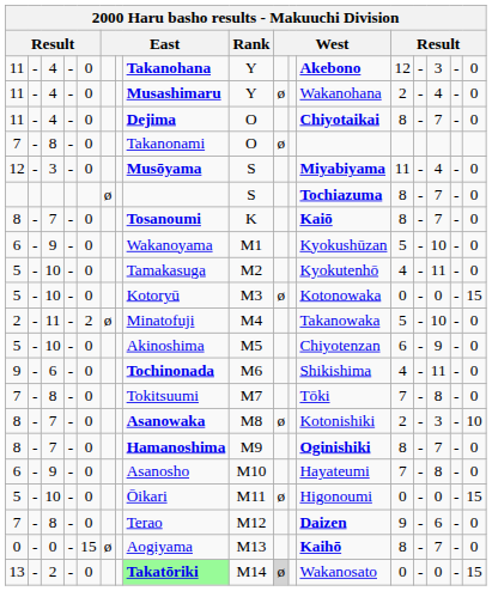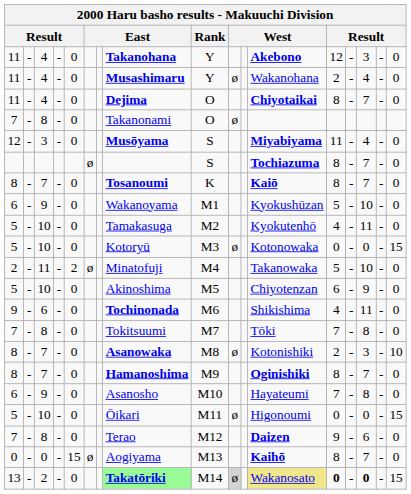 <table class="wikitable">
 <tr>
 <th colspan="17">2000 Haru basho results - Makuuchi Division</th>
 </tr>
 <tr>
 <th colspan="5">Result</th>
 <th colspan="3">East</th>
 <th>Rank</th>
 <th colspan="3">West</th>
 <th colspan="5">Result</th>
 </tr>
 <tr>
 <td align=center>11</td>
 <td align=center>-</td>
 <td align=center>4</td>
 <td align=center>-</td>
 <td align=center>0</td>
 <td align=center></td>
 <td align=center></td>
 <td><strong><a href='#'>Takanohana</a></strong></td>
 <td align=center>Y</td>
 <td align=center></td>
 <td align=center></td>
 <td><strong><a href='#'>Akebono</a></strong></td>
 <td align=center>12</td>
 <td align=center>-</td>
 <td align=center>3</td>
 <td align=center>-</td>
 <td align=center>0</td>
 </tr>
 <tr>
 <td align=center>11</td>
 <td align=center>-</td>
 <td align=center>4</td>
 <td align=center>-</td>
 <td align=center>0</td>
 <td align=center></td>
 <td align=center></td>
 <td><strong><a href='#'>Musashimaru</a></strong></td>
 <td align=center>Y</td>
 <td align=center>ø</td>
 <td align=center></td>
 <td><a href='#'>Wakanohana</a></td>
 <td align=center>2</td>
 <td align=center>-</td>
 <td align=center>4</td>
 <td align=center>-</td>
 <td align=center>0</td>
 </tr>
 <tr>
 <td align=center>11</td>
 <td align=center>-</td>
 <td align=center>4</td>
 <td align=center>-</td>
 <td align=center>0</td>
 <td align=center></td>
 <td align=center></td>
 <td><strong><a href='#'>Dejima</a></strong></td>
 <td align=center>O</td>
 <td align=center></td>
 <td align=center></td>
 <td><strong><a href='#'>Chiyotaikai</a></strong></td>
 <td align=center>8</td>
 <td align=center>-</td>
 <td align=center>7</td>
 <td align=center>-</td>
 <td align=center>0</td>
 </tr>
 <tr>
 <td align=center>7</td>
 <td align=center>-</td>
 <td align=center>8</td>
 <td align=center>-</td>
 <td align=center>0</td>
 <td align=center></td>
 <td align=center></td>
 <td><a href='#'>Takanonami</a></td>
 <td align=center>O</td>
 <td align=center>ø</td>
 <td align=center></td>
 <td></td>
 <td align=center></td>
 <td align=center></td>
 <td align=center></td>
 <td align=center></td>
 <td align=center></td>
 </tr>
 <tr>
 <td align=center>12</td>
 <td align=center>-</td>
 <td align=center>3</td>
 <td align=center>-</td>
 <td align=center>0</td>
 <td align=center></td>
 <td align=center></td>
 <td><strong><a href='#'>Musōyama</a></strong></td>
 <td align=center>S</td>
 <td align=center></td>
 <td align=center></td>
 <td><strong><a href='#'>Miyabiyama</a></strong></td>
 <td align=center>11</td>
 <td align=center>-</td>
 <td align=center>4</td>
 <td align=center>-</td>
 <td align=center>0</td>
 </tr>
 <tr>
 <td align=center></td>
 <td align=center></td>
 <td align=center></td>
 <td align=center></td>
 <td align=center></td>
 <td align=center>ø</td>
 <td align=center></td>
 <td></td>
 <td align=center>S</td>
 <td align=center></td>
 <td align=center></td>
 <td><strong><a href='#'>Tochiazuma</a></strong></td>
 <td align=center>8</td>
 <td align=center>-</td>
 <td align=center>7</td>
 <td align=center>-</td>
 <td align=center>0</td>
 </tr>
 <tr>
 <td align=center>8</td>
 <td align=center>-</td>
 <td align=center>7</td>
 <td align=center>-</td>
 <td align=center>0</td>
 <td align=center></td>
 <td align=center></td>
 <td><strong><a href='#'>Tosanoumi</a></strong></td>
 <td align=center>K</td>
 <td align=center></td>
 <td align=center></td>
 <td><strong><a href='#'>Kaiō</a></strong></td>
 <td align=center>8</td>
 <td align=center>-</td>
 <td align=center>7</td>
 <td align=center>-</td>
 <td align=center>0</td>
 </tr>
 <tr>
 <td align=center>6</td>
 <td align=center>-</td>
 <td align=center>9</td>
 <td align=center>-</td>
 <td align=center>0</td>
 <td align=center></td>
 <td align=center></td>
 <td><a href='#'>Wakanoyama</a></td>
 <td align=center>M1</td>
 <td align=center></td>
 <td align=center></td>
 <td><a href='#'>Kyokushūzan</a></td>
 <td align=center>5</td>
 <td align=center>-</td>
 <td align=center>10</td>
 <td align=center>-</td>
 <td align=center>0</td>
 </tr>
 <tr>
 <td align=center>5</td>
 <td align=center>-</td>
 <td align=center>10</td>
 <td align=center>-</td>
 <td align=center>0</td>
 <td align=center></td>
 <td align=center></td>
 <td><a href='#'>Tamakasuga</a></td>
 <td align=center>M2</td>
 <td align=center></td>
 <td align=center></td>
 <td><a href='#'>Kyokutenhō</a></td>
 <td align=center>4</td>
 <td align=center>-</td>
 <td align=center>11</td>
 <td align=center>-</td>
 <td align=center>0</td>
 </tr>
 <tr>
 <td align=center>5</td>
 <td align=center>-</td>
 <td align=center>10</td>
 <td align=center>-</td>
 <td align=center>0</td>
 <td align=center></td>
 <td align=center></td>
 <td><a href='#'>Kotoryū</a></td>
 <td align=center>M3</td>
 <td align=center>ø</td>
 <td align=center></td>
 <td><a href='#'>Kotonowaka</a></td>
 <td align=center>0</td>
 <td align=center>-</td>
 <td align=center>0</td>
 <td align=center>-</td>
 <td align=center>15</td>
 </tr>
 <tr>
 <td align=center>2</td>
 <td align=center>-</td>
 <td align=center>11</td>
 <td align=center>-</td>
 <td align=center>2</td>
 <td align=center>ø</td>
 <td align=center></td>
 <td><a href='#'>Minatofuji</a></td>
 <td align=center>M4</td>
 <td align=center></td>
 <td align=center></td>
 <td><a href='#'>Takanowaka</a></td>
 <td align=center>5</td>
 <td align=center>-</td>
 <td align=center>10</td>
 <td align=center>-</td>
 <td align=center>0</td>
 </tr>
 <tr>
 <td align=center>5</td>
 <td align=center>-</td>
 <td align=center>10</td>
 <td align=center>-</td>
 <td align=center>0</td>
 <td align=center></td>
 <td align=center></td>
 <td><a href='#'>Akinoshima</a></td>
 <td align=center>M5</td>
 <td align=center></td>
 <td align=center></td>
 <td><a href='#'>Chiyotenzan</a></td>
 <td align=center>6</td>
 <td align=center>-</td>
 <td align=center>9</td>
 <td align=center>-</td>
 <td align=center>0</td>
 </tr>
 <tr>
 <td align=center>9</td>
 <td align=center>-</td>
 <td align=center>6</td>
 <td align=center>-</td>
 <td align=center>0</td>
 <td align=center></td>
 <td align=center></td>
 <td><strong><a href='#'>Tochinonada</a></strong></td>
 <td align=center>M6</td>
 <td align=center></td>
 <td align=center></td>
 <td><a href='#'>Shikishima</a></td>
 <td align=center>4</td>
 <td align=center>-</td>
 <td align=center>11</td>
 <td align=center>-</td>
 <td align=center>0</td>
 </tr>
 <tr>
 <td align=center>7</td>
 <td align=center>-</td>
 <td align=center>8</td>
 <td align=center>-</td>
 <td align=center>0</td>
 <td align=center></td>
 <td align=center></td>
 <td><a href='#'>Tokitsuumi</a></td>
 <td align=center>M7</td>
 <td align=center></td>
 <td align=center></td>
 <td><a href='#'>Tōki</a></td>
 <td align=center>7</td>
 <td align=center>-</td>
 <td align=center>8</td>
 <td align=center>-</td>
 <td align=center>0</td>
 </tr>
 <tr>
 <td align=center>8</td>
 <td align=center>-</td>
 <td align=center>7</td>
 <td align=center>-</td>
 <td align=center>0</td>
 <td align=center></td>
 <td align=center></td>
 <td><strong><a href='#'>Asanowaka</a></strong></td>
 <td align=center>M8</td>
 <td align=center>ø</td>
 <td align=center></td>
 <td><a href='#'>Kotonishiki</a></td>
 <td align=center>2</td>
 <td align=center>-</td>
 <td align=center>3</td>
 <td align=center>-</td>
 <td align=center>10</td>
 </tr>
 <tr>
 <td align=center>8</td>
 <td align=center>-</td>
 <td align=center>7</td>
 <td align=center>-</td>
 <td align=center>0</td>
 <td align=center></td>
 <td align=center></td>
 <td><strong><a href='#'>Hamanoshima</a></strong></td>
 <td align=center>M9</td>
 <td align=center></td>
 <td align=center></td>
 <td><strong><a href='#'>Oginishiki</a></strong></td>
 <td align=center>8</td>
 <td align=center>-</td>
 <td align=center>7</td>
 <td align=center>-</td>
 <td align=center>0</td>
 </tr>
 <tr>
 <td align=center>6</td>
 <td align=center>-</td>
 <td align=center>9</td>
 <td align=center>-</td>
 <td align=center>0</td>
 <td align=center></td>
 <td align=center></td>
 <td><a href='#'>Asanosho</a></td>
 <td align=center>M10</td>
 <td align=center></td>
 <td align=center></td>
 <td><a href='#'>Hayateumi</a></td>
 <td align=center>7</td>
 <td align=center>-</td>
 <td align=center>8</td>
 <td align=center>-</td>
 <td align=center>0</td>
 </tr>
 <tr>
 <td align=center>5</td>
 <td align=center>-</td>
 <td align=center>10</td>
 <td align=center>-</td>
 <td align=center>0</td>
 <td align=center></td>
 <td align=center></td>
 <td><a href='#'>Ōikari</a></td>
 <td align=center>M11</td>
 <td align=center>ø</td>
 <td align=center></td>
 <td><a href='#'>Higonoumi</a></td>
 <td align=center>0</td>
 <td align=center>-</td>
 <td align=center>0</td>
 <td align=center>-</td>
 <td align=center>15</td>
 </tr>
 <tr>
 <td align=center>7</td>
 <td align=center>-</td>
 <td align=center>8</td>
 <td align=center>-</td>
 <td align=center>0</td>
 <td align=center></td>
 <td align=center></td>
 <td><a href='#'>Terao</a></td>
 <td align=center>M12</td>
 <td align=center></td>
 <td align=center></td>
 <td><strong><a href='#'>Daizen</a></strong></td>
 <td align=center>9</td>
 <td align=center>-</td>
 <td align=center>6</td>
 <td align=center>-</td>
 <td align=center>0</td>
 </tr>
 <tr>
 <td align=center>0</td>
 <td align=center>-</td>
 <td align=center>0</td>
 <td align=center>-</td>
 <td align=center>15</td>
 <td align=center>ø</td>
 <td align=center></td>
 <td><a href='#'>Aogiyama</a></td>
 <td align=center>M13</td>
 <td align=center></td>
 <td align=center></td>
 <td><strong><a href='#'>Kaihō</a></strong></td>
 <td align=center>8</td>
 <td align=center>-</td>
 <td align=center>7</td>
 <td align=center>-</td>
 <td align=center>0</td>
 </tr>
 <tr>
 <td align=center>13</td>
 <td align=center>-</td>
 <td align=center>2</td>
 <td align=center>-</td>
 <td align=center>0</td>
 <td align=center></td>
 <td align=center></td>
 <td style="background: PaleGreen;"><strong><a href='#'>Takatōriki</a></strong></td>
 <td align=center>M14</td>
 <td align=center style="background: lightgrey;">ø</td>
 <td align=center></td>
-<td><a href='#'>Wakanosato</a></td>
-<td align=center>0</td>
+<td style="background: khaki;"><a href='#'>Wakanosato</a></td>
+<td align=center><strong>0</strong></td>
 <td align=center>-</td>
-<td align=center>0</td>
+<td align=center><strong>0</strong></td>
 <td align=center>-</td>
 <td align=center>15</td>
 </tr>
 </table>
